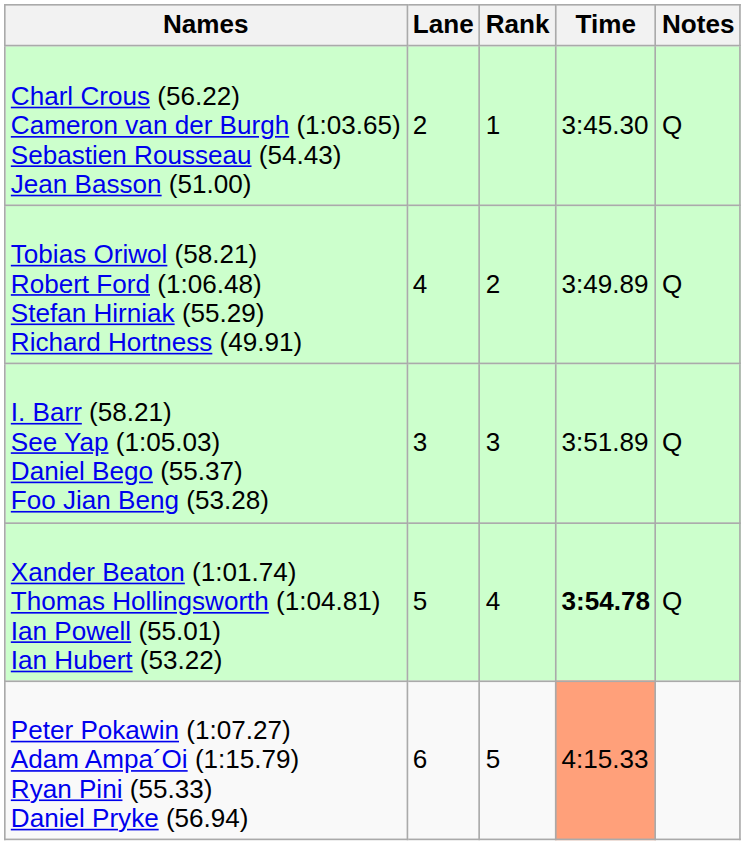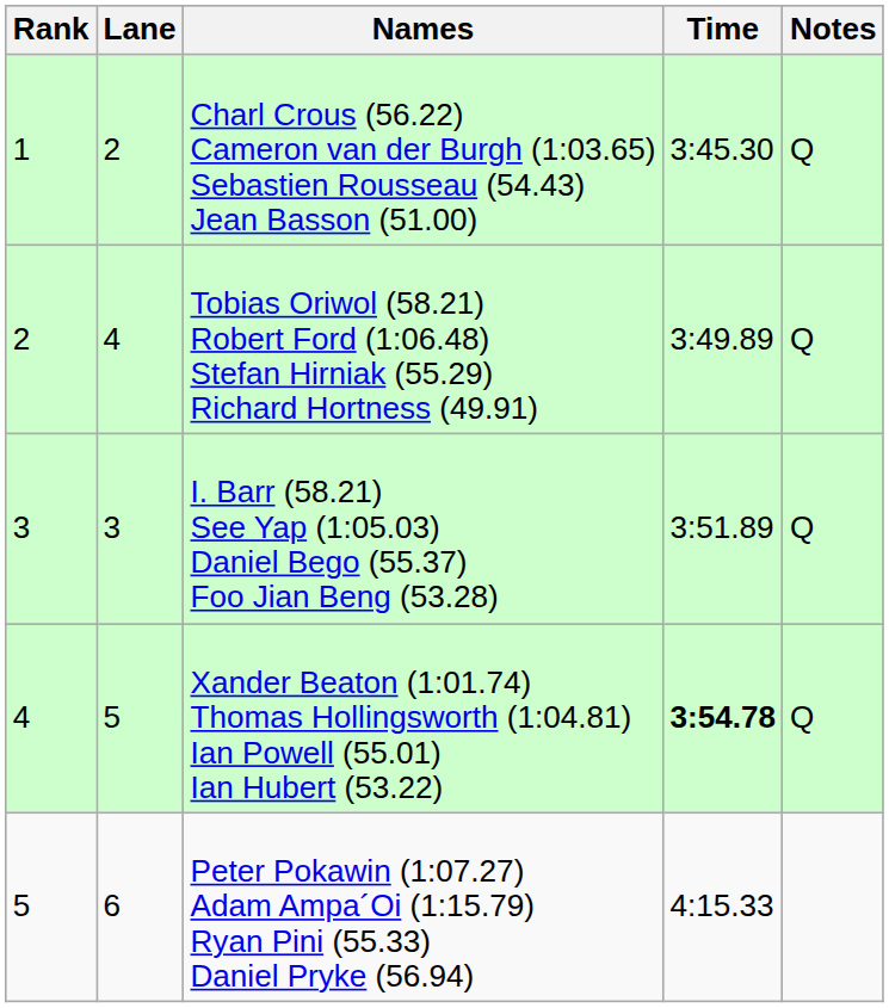 <table class="wikitable">
 <tr>
+<th>Rank</th>
+<th>Lane</th>
 <th>Names</th>
-<th>Lane</th>
-<th>Rank</th>
 <th>Time</th>
 <th>Notes</th>
 </tr>
 <tr style="background:#cfc;">
+<td>1</td>
+<td>2</td>
 <td><br><a href='#'>Charl Crous</a> (56.22)<br><a href='#'>Cameron van der Burgh</a> (1:03.65)<br><a href='#'>Sebastien Rousseau</a> (54.43)<br><a href='#'>Jean Basson</a> (51.00)</td>
-<td>2</td>
-<td>1</td>
 <td>3:45.30</td>
 <td>Q</td>
 </tr>
 <tr style="background:#cfc;">
+<td>2</td>
+<td>4</td>
 <td><br><a href='#'>Tobias Oriwol</a> (58.21)<br><a href='#'>Robert Ford</a> (1:06.48)<br><a href='#'>Stefan Hirniak</a> (55.29)<br><a href='#'>Richard Hortness</a> (49.91)</td>
-<td>4</td>
-<td>2</td>
 <td>3:49.89</td>
 <td>Q</td>
 </tr>
 <tr style="background:#cfc;">
-<td><br><a href='#'>I. Barr</a> (58.21)<br><a href='#'>See Yap</a> (1:05.03)<br><a href='#'>Daniel Bego</a> (55.37)<br><a href='#'>Foo Jian Beng</a> (53.28)</td>
 <td>3</td>
 <td>3</td>
+<td><br><a href='#'>I. Barr</a> (58.21)<br><a href='#'>See Yap</a> (1:05.03)<br><a href='#'>Daniel Bego</a> (55.37)<br><a href='#'>Foo Jian Beng</a> (53.28)</td>
 <td>3:51.89</td>
 <td>Q</td>
 </tr>
 <tr style="background:#cfc;">
+<td>4</td>
+<td>5</td>
 <td><br><a href='#'>Xander Beaton</a> (1:01.74)<br><a href='#'>Thomas Hollingsworth</a> (1:04.81)<br><a href='#'>Ian Powell</a> (55.01)<br><a href='#'>Ian Hubert</a> (53.22)</td>
-<td>5</td>
-<td>4</td>
 <td><strong>3:54.78</strong></td>
 <td>Q</td>
 </tr>
 <tr>
+<td>5</td>
+<td>6</td>
 <td><br><a href='#'>Peter Pokawin</a> (1:07.27)<br><a href='#'>Adam Ampa´Oi</a> (1:15.79)<br><a href='#'>Ryan Pini</a> (55.33)<br><a href='#'>Daniel Pryke</a> (56.94)</td>
-<td>6</td>
-<td>5</td>
-<td style="background: lightsalmon;">4:15.33</td>
+<td>4:15.33</td>
 <td></td>
 </tr>
 </table>
